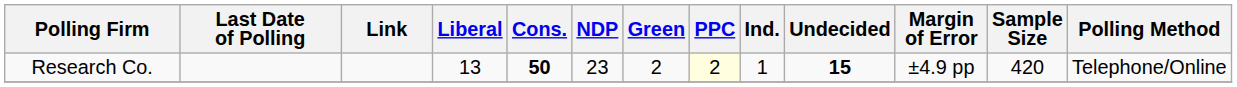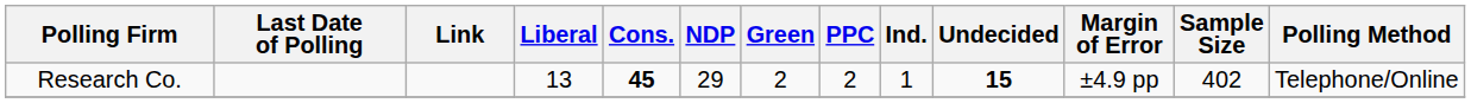 <table class="wikitable sortable" style="text-align:center;font-size:90%;line-height:14px;">
 <tr style="background:#e9e9e9;">
 <th style="width:120px">Polling Firm</th>
 <th style="width:110px">Last Date<br>of Polling</th>
 <th style="width:60px" class="unsortable">Link</th>
 <th style="background-color:"><a href='#'>Liberal</a></th>
 <th style="background-color:"><a href='#'>Cons.</a></th>
 <th style="background-color:"><a href='#'>NDP</a></th>
 <th style="background-color:"><a href='#'>Green</a></th>
 <th style="background-color:"><a href='#'><span>PPC</span></a></th>
 <th style="background-color:">Ind.</th>
 <th style="background-color:">Undecided</th>
 <th style="width:60px;" class=unsortable>Margin<br>of Error</th>
 <th style="width:50px;" class=unsortable>Sample<br>Size</th>
 <th class=unsortable>Polling Method</th>
 </tr>
 <tr>
 <td>Research Co.</td>
 <td></td>
 <td></td>
 <td>13</td>
-<td><strong>50</strong></td>
-<td>23</td>
+<td><strong>45</strong></td>
+<td>29</td>
 <td>2</td>
-<td style="background: lightyellow;">2</td>
+<td>2</td>
 <td>1</td>
 <td><strong>15</strong></td>
 <td>±4.9 pp</td>
-<td>420</td>
+<td>402</td>
 <td>Telephone/Online</td>
 </tr>
 <tr>
 </tr>
 </table>
